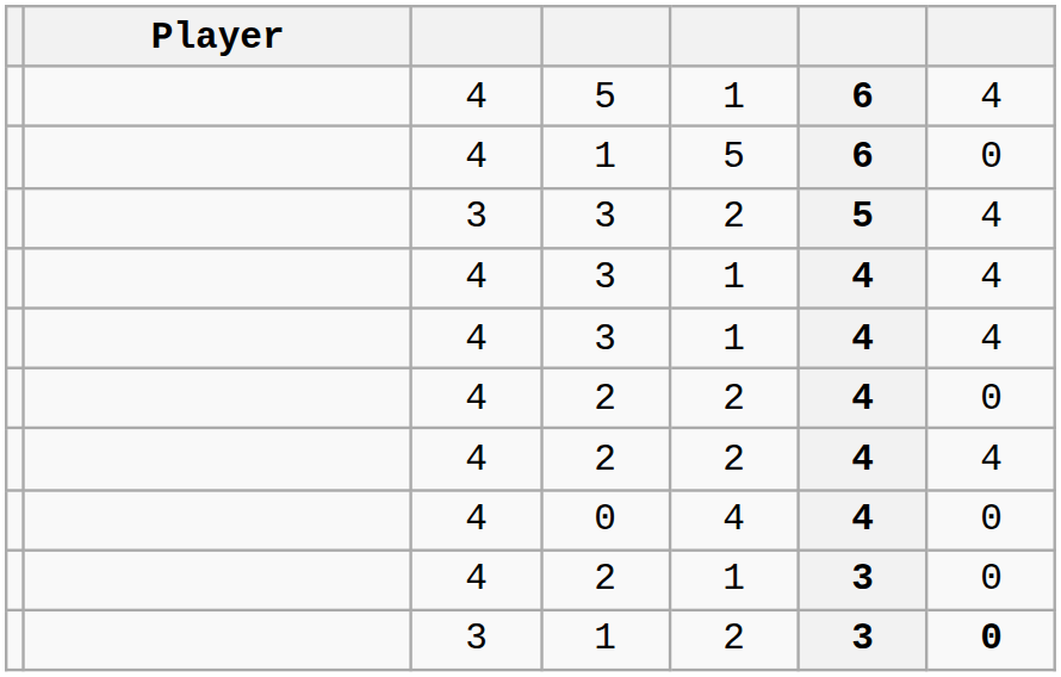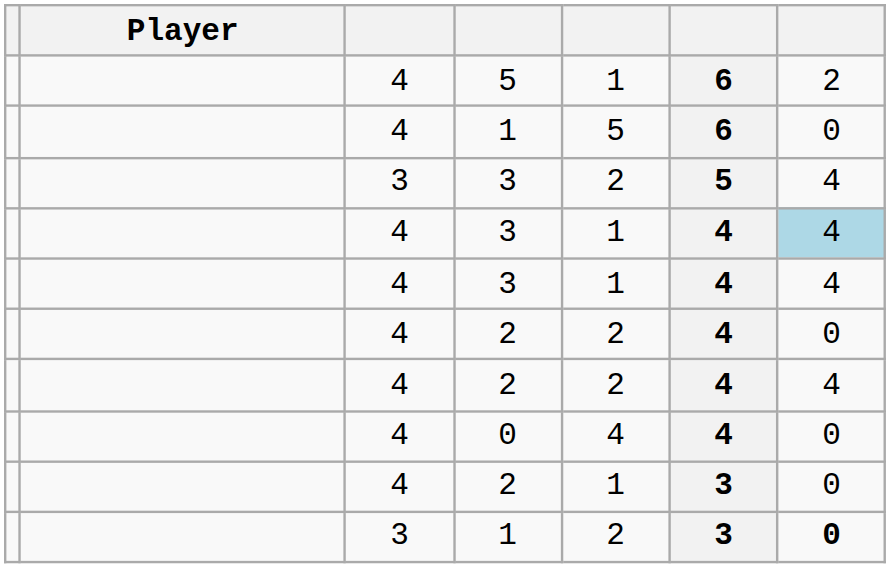 <table class="wikitable sortable" style="text-align: center">
 <tr>
 <th></th>
 <th style="width: 10em;">Player</th>
 <th style="width: 3em;"></th>
 <th style="width: 3em;"></th>
 <th style="width: 3em;"></th>
 <th style="width: 3em;"></th>
 <th style="width: 3em;"></th>
 </tr>
 <tr>
 <td></td>
 <td align="left"></td>
 <td>4</td>
 <td>5</td>
 <td>1</td>
 <th>6</th>
-<td>4</td>
+<td>2</td>
 </tr>
 <tr>
 <td></td>
 <td align="left"></td>
 <td>4</td>
 <td>1</td>
 <td>5</td>
 <th>6</th>
 <td>0</td>
 </tr>
 <tr>
 <td></td>
 <td align="left"></td>
 <td>3</td>
 <td>3</td>
 <td>2</td>
 <th>5</th>
 <td>4</td>
 </tr>
 <tr>
 <td></td>
 <td align="left"></td>
 <td>4</td>
 <td>3</td>
 <td>1</td>
 <th>4</th>
-<td>4</td>
+<td style="background: lightblue;">4</td>
 </tr>
 <tr>
 <td></td>
 <td align="left"></td>
 <td>4</td>
 <td>3</td>
 <td>1</td>
 <th>4</th>
 <td>4</td>
 </tr>
 <tr>
 <td></td>
 <td align="left"></td>
 <td>4</td>
 <td>2</td>
 <td>2</td>
 <th>4</th>
 <td>0</td>
 </tr>
 <tr>
 <td></td>
 <td align="left"></td>
 <td>4</td>
 <td>2</td>
 <td>2</td>
 <th>4</th>
 <td>4</td>
 </tr>
 <tr>
 <td></td>
 <td align="left"></td>
 <td>4</td>
 <td>0</td>
 <td>4</td>
 <th>4</th>
 <td>0</td>
 </tr>
 <tr>
 <td></td>
 <td align="left"></td>
 <td>4</td>
 <td>2</td>
 <td>1</td>
 <th>3</th>
 <td>0</td>
 </tr>
 <tr>
 <td></td>
 <td align="left"></td>
 <td>3</td>
 <td>1</td>
 <td>2</td>
 <th>3</th>
 <td><strong>0</strong></td>
 </tr>
 </table>
